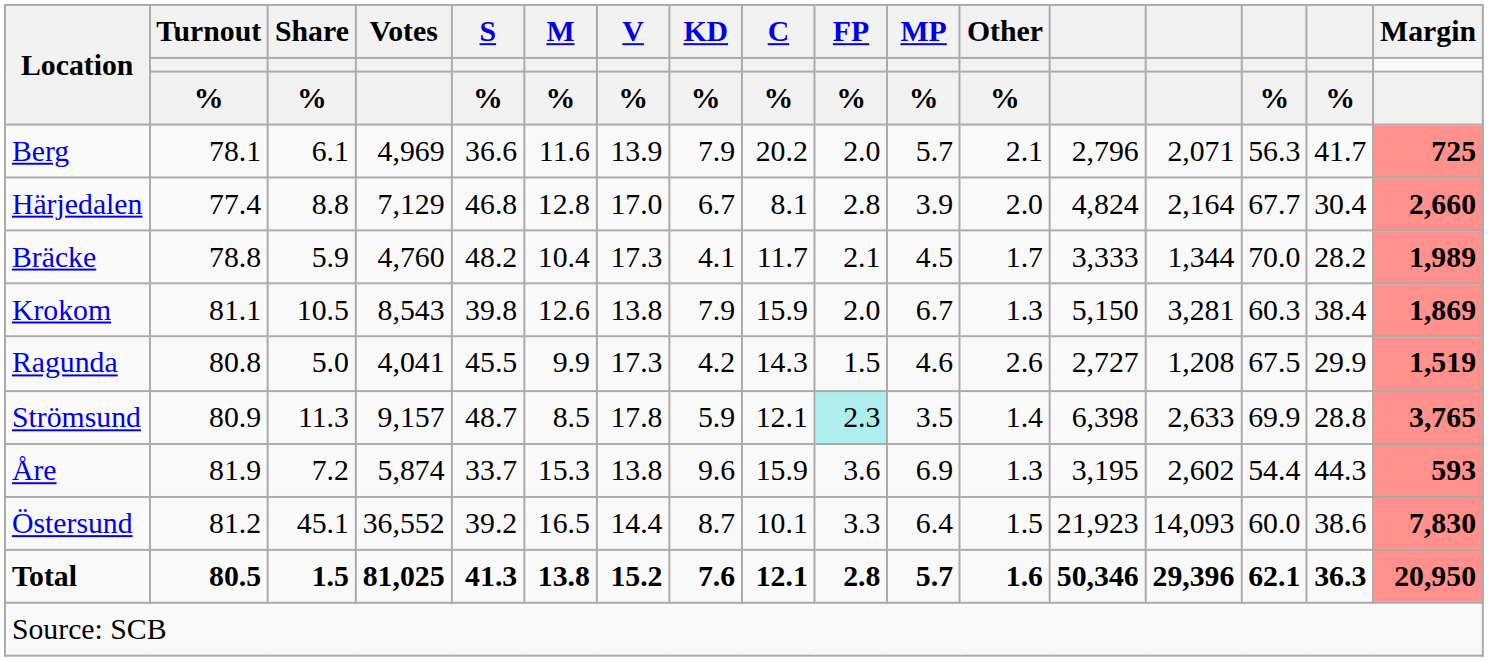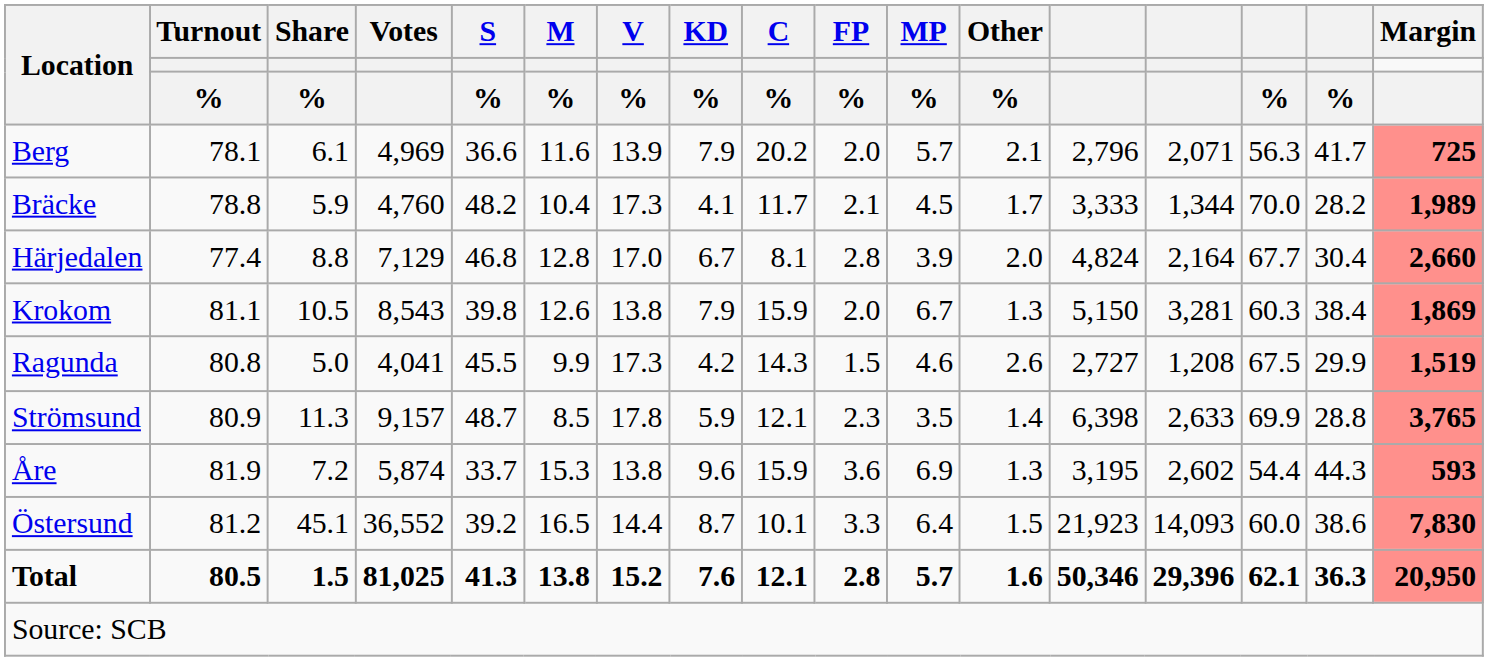 <table class="wikitable sortable" style="text-align:right; font-size:95%; line-height:20px;">
 <tr>
 <th rowspan="3">Location</th>
 <th>Turnout</th>
 <th>Share</th>
 <th>Votes</th>
 <th width="30px" class="unsortable"><a href='#'>S</a></th>
 <th width="30px" class="unsortable"><a href='#'>M</a></th>
 <th width="30px" class="unsortable"><a href='#'>V</a></th>
 <th width="30px" class="unsortable"><a href='#'>KD</a></th>
 <th width="30px" class="unsortable"><a href='#'>C</a></th>
 <th width="30px" class="unsortable"><a href='#'>FP</a></th>
 <th width="30px" class="unsortable"><a href='#'>MP</a></th>
 <th width="30px" class="unsortable">Other</th>
 <th></th>
 <th></th>
 <th></th>
 <th></th>
 <th>Margin</th>
 </tr>
 <tr>
 <th></th>
 <th></th>
 <th></th>
 <th style="background:"></th>
 <th style="background:"></th>
 <th style="background:"></th>
 <th style="background:"></th>
 <th style="background:"></th>
 <th style="background:"></th>
 <th style="background:"></th>
 <th style="background:"></th>
 <th style="background:"></th>
 <th style="background:"></th>
 <th style="background:"></th>
 <th style="background:"></th>
 </tr>
 <tr>
 <th data-sort-type="number">%</th>
 <th data-sort-type="number">%</th>
 <th></th>
 <th data-sort-type="number">%</th>
 <th data-sort-type="number">%</th>
 <th data-sort-type="number">%</th>
 <th data-sort-type="number">%</th>
 <th data-sort-type="number">%</th>
 <th data-sort-type="number">%</th>
 <th data-sort-type="number">%</th>
 <th data-sort-type="number">%</th>
 <th data-sort-type="number"></th>
 <th data-sort-type="number"></th>
 <th data-sort-type="number">%</th>
 <th data-sort-type="number">%</th>
 <th data-sort-type="number"></th>
 </tr>
 <tr>
 <td align=left><a href='#'>Berg</a></td>
 <td>78.1</td>
 <td>6.1</td>
 <td>4,969</td>
 <td>36.6</td>
 <td>11.6</td>
 <td>13.9</td>
 <td>7.9</td>
 <td>20.2</td>
 <td>2.0</td>
 <td>5.7</td>
 <td>2.1</td>
 <td>2,796</td>
 <td>2,071</td>
 <td>56.3</td>
 <td>41.7</td>
 <td bgcolor=#ff908c><strong>725</strong></td>
 </tr>
 <tr>
+<td align=left><a href='#'>Bräcke</a></td>
+<td>78.8</td>
+<td>5.9</td>
+<td>4,760</td>
+<td>48.2</td>
+<td>10.4</td>
+<td>17.3</td>
+<td>4.1</td>
+<td>11.7</td>
+<td>2.1</td>
+<td>4.5</td>
+<td>1.7</td>
+<td>3,333</td>
+<td>1,344</td>
+<td>70.0</td>
+<td>28.2</td>
+<td bgcolor=#ff908c><strong>1,989</strong></td>
+</tr>
+<tr>
 <td align=left><a href='#'>Härjedalen</a></td>
 <td>77.4</td>
 <td>8.8</td>
 <td>7,129</td>
 <td>46.8</td>
 <td>12.8</td>
 <td>17.0</td>
 <td>6.7</td>
 <td>8.1</td>
 <td>2.8</td>
 <td>3.9</td>
 <td>2.0</td>
 <td>4,824</td>
 <td>2,164</td>
 <td>67.7</td>
 <td>30.4</td>
 <td bgcolor=#ff908c><strong>2,660</strong></td>
-</tr>
-<tr>
-<td align=left><a href='#'>Bräcke</a></td>
-<td>78.8</td>
-<td>5.9</td>
-<td>4,760</td>
-<td>48.2</td>
-<td>10.4</td>
-<td>17.3</td>
-<td>4.1</td>
-<td>11.7</td>
-<td>2.1</td>
-<td>4.5</td>
-<td>1.7</td>
-<td>3,333</td>
-<td>1,344</td>
-<td>70.0</td>
-<td>28.2</td>
-<td bgcolor=#ff908c><strong>1,989</strong></td>
 </tr>
 <tr>
 <td align=left><a href='#'>Krokom</a></td>
 <td>81.1</td>
 <td>10.5</td>
 <td>8,543</td>
 <td>39.8</td>
 <td>12.6</td>
 <td>13.8</td>
 <td>7.9</td>
 <td>15.9</td>
 <td>2.0</td>
 <td>6.7</td>
 <td>1.3</td>
 <td>5,150</td>
 <td>3,281</td>
 <td>60.3</td>
 <td>38.4</td>
 <td bgcolor=#ff908c><strong>1,869</strong></td>
 </tr>
 <tr>
 <td align=left><a href='#'>Ragunda</a></td>
 <td>80.8</td>
 <td>5.0</td>
 <td>4,041</td>
 <td>45.5</td>
 <td>9.9</td>
 <td>17.3</td>
 <td>4.2</td>
 <td>14.3</td>
 <td>1.5</td>
 <td>4.6</td>
 <td>2.6</td>
 <td>2,727</td>
 <td>1,208</td>
 <td>67.5</td>
 <td>29.9</td>
 <td bgcolor=#ff908c><strong>1,519</strong></td>
 </tr>
 <tr>
 <td align=left><a href='#'>Strömsund</a></td>
 <td>80.9</td>
 <td>11.3</td>
 <td>9,157</td>
 <td>48.7</td>
 <td>8.5</td>
 <td>17.8</td>
 <td>5.9</td>
 <td>12.1</td>
-<td style="background: paleturquoise;">2.3</td>
+<td>2.3</td>
 <td>3.5</td>
 <td>1.4</td>
 <td>6,398</td>
 <td>2,633</td>
 <td>69.9</td>
 <td>28.8</td>
 <td bgcolor=#ff908c><strong>3,765</strong></td>
 </tr>
 <tr>
 <td align=left><a href='#'>Åre</a></td>
 <td>81.9</td>
 <td>7.2</td>
 <td>5,874</td>
 <td>33.7</td>
 <td>15.3</td>
 <td>13.8</td>
 <td>9.6</td>
 <td>15.9</td>
 <td>3.6</td>
 <td>6.9</td>
 <td>1.3</td>
 <td>3,195</td>
 <td>2,602</td>
 <td>54.4</td>
 <td>44.3</td>
 <td bgcolor=#ff908c><strong>593</strong></td>
 </tr>
 <tr>
 <td align=left><a href='#'>Östersund</a></td>
 <td>81.2</td>
 <td>45.1</td>
 <td>36,552</td>
 <td>39.2</td>
 <td>16.5</td>
 <td>14.4</td>
 <td>8.7</td>
 <td>10.1</td>
 <td>3.3</td>
 <td>6.4</td>
 <td>1.5</td>
 <td>21,923</td>
 <td>14,093</td>
 <td>60.0</td>
 <td>38.6</td>
 <td bgcolor=#ff908c><strong>7,830</strong></td>
 </tr>
 <tr>
 <td align=left><strong>Total</strong></td>
 <td><strong>80.5</strong></td>
 <td><strong>1.5</strong></td>
 <td><strong>81,025</strong></td>
 <td><strong>41.3</strong></td>
 <td><strong>13.8</strong></td>
 <td><strong>15.2</strong></td>
 <td><strong>7.6</strong></td>
 <td><strong>12.1</strong></td>
 <td><strong>2.8</strong></td>
 <td><strong>5.7</strong></td>
 <td><strong>1.6</strong></td>
 <td><strong>50,346</strong></td>
 <td><strong>29,396</strong></td>
 <td><strong>62.1</strong></td>
 <td><strong>36.3</strong></td>
 <td bgcolor=#ff908c><strong>20,950</strong></td>
 </tr>
 <tr>
 <td align=left colspan=17>Source: SCB </td>
 </tr>
 </table>
